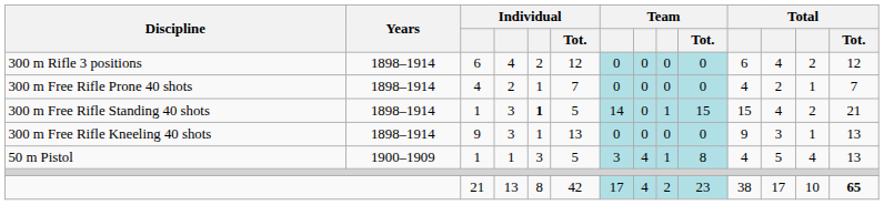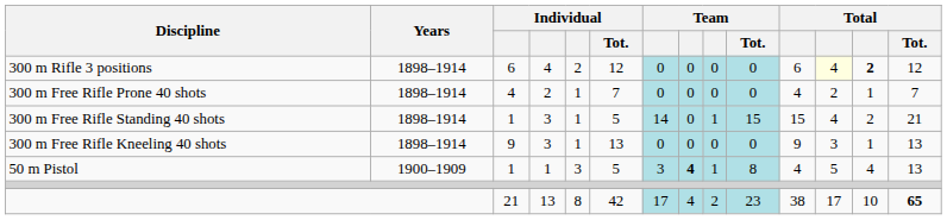 <table class="wikitable" width=70% style="font-size:90%; text-align:center;">
 <tr>
 <th rowspan=2>Discipline</th>
 <th rowspan=2>Years</th>
 <th colspan=4>Individual</th>
 <th colspan=4>Team</th>
 <th colspan=4>Total</th>
 </tr>
 <tr>
 <th></th>
 <th></th>
 <th></th>
 <th>Tot.</th>
 <th></th>
 <th></th>
 <th></th>
 <th>Tot.</th>
 <th></th>
 <th></th>
 <th></th>
 <th>Tot.</th>
 </tr>
 <tr>
 <td align=left>300 m Rifle 3 positions</td>
 <td>1898–1914</td>
 <td>6</td>
 <td>4</td>
 <td>2</td>
 <td>12</td>
 <td bgcolor=PowderBlue>0</td>
 <td bgcolor=PowderBlue>0</td>
 <td bgcolor=PowderBlue>0</td>
 <td bgcolor=PowderBlue>0</td>
 <td>6</td>
-<td>4</td>
-<td>2</td>
+<td style="background: lightyellow;">4</td>
+<td><strong>2</strong></td>
 <td>12</td>
 </tr>
 <tr>
 <td align=left>300 m Free Rifle Prone 40 shots</td>
 <td>1898–1914</td>
 <td>4</td>
 <td>2</td>
 <td>1</td>
 <td>7</td>
 <td bgcolor=PowderBlue>0</td>
 <td bgcolor=PowderBlue>0</td>
 <td bgcolor=PowderBlue>0</td>
 <td bgcolor=PowderBlue>0</td>
 <td>4</td>
 <td>2</td>
 <td>1</td>
 <td>7</td>
 </tr>
 <tr>
 <td align=left>300 m Free Rifle Standing 40 shots</td>
 <td>1898–1914</td>
 <td>1</td>
 <td>3</td>
-<td><strong>1</strong></td>
+<td>1</td>
 <td>5</td>
 <td bgcolor=PowderBlue>14</td>
 <td bgcolor=PowderBlue>0</td>
 <td bgcolor=PowderBlue>1</td>
 <td bgcolor=PowderBlue>15</td>
 <td>15</td>
 <td>4</td>
 <td>2</td>
 <td>21</td>
 </tr>
 <tr>
 <td align=left>300 m Free Rifle Kneeling 40 shots</td>
 <td>1898–1914</td>
 <td>9</td>
 <td>3</td>
 <td>1</td>
 <td>13</td>
 <td bgcolor=PowderBlue>0</td>
 <td bgcolor=PowderBlue>0</td>
 <td bgcolor=PowderBlue>0</td>
 <td bgcolor=PowderBlue>0</td>
 <td>9</td>
 <td>3</td>
 <td>1</td>
 <td>13</td>
 </tr>
 <tr>
 <td align=left>50 m Pistol</td>
 <td>1900–1909</td>
 <td>1</td>
 <td>1</td>
 <td>3</td>
 <td>5</td>
 <td bgcolor=PowderBlue>3</td>
-<td bgcolor=PowderBlue>4</td>
+<td bgcolor=PowderBlue><strong>4</strong></td>
 <td bgcolor=PowderBlue>1</td>
 <td bgcolor=PowderBlue>8</td>
 <td>4</td>
 <td>5</td>
 <td>4</td>
 <td>13</td>
 </tr>
 <tr bgcolor=lightgrey>
 <td colspan=14></td>
 </tr>
 <tr>
 <td colspan=2></td>
 <td>21</td>
 <td>13</td>
 <td>8</td>
 <td>42</td>
 <td bgcolor=PowderBlue>17</td>
 <td bgcolor=PowderBlue>4</td>
 <td bgcolor=PowderBlue>2</td>
 <td bgcolor=PowderBlue>23</td>
 <td>38</td>
 <td>17</td>
 <td>10</td>
 <td><strong>65</strong></td>
 </tr>
 </table>
